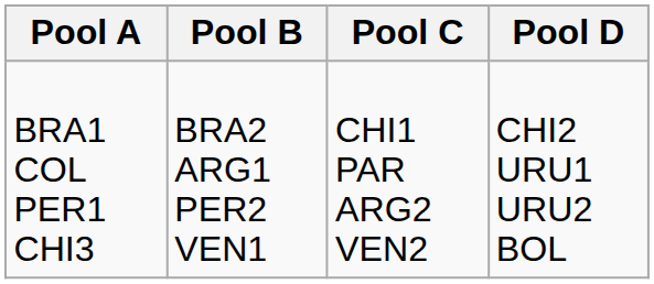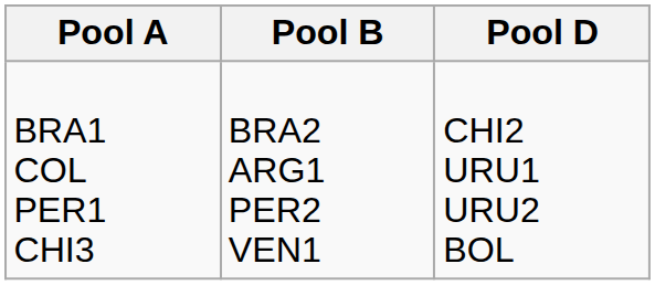 <table class="wikitable">
 <tr>
 <th width=20%>Pool A</th>
 <th width=20%>Pool B</th>
-<th width=20%>Pool C</th>
 <th width=20%>Pool D</th>
 </tr>
 <tr>
 <td><br> BRA1<br>  COL<br>  PER1<br>  CHI3</td>
 <td><br> BRA2<br>  ARG1<br>  PER2<br>  VEN1</td>
-<td><br> CHI1<br>  PAR<br>  ARG2<br>  VEN2</td>
 <td><br> CHI2<br>  URU1<br>  URU2<br>  BOL</td>
 </tr>
 </table>
